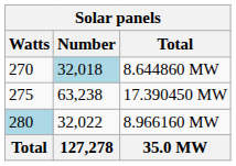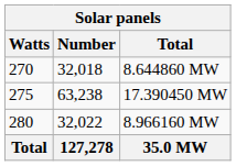 <table class=wikitable>
 <tr>
 <th colspan=3>Solar panels</th>
 </tr>
 <tr>
 <th>Watts</th>
 <th>Number</th>
 <th>Total</th>
 </tr>
 <tr>
 <td>270</td>
-<td style="background: lightblue;">32,018</td>
+<td>32,018</td>
 <td>8.644860 MW</td>
 </tr>
 <tr>
 <td>275</td>
 <td>63,238</td>
 <td>17.390450 MW</td>
 </tr>
 <tr>
-<td style="background: lightblue;">280</td>
+<td>280</td>
 <td>32,022</td>
 <td>8.966160 MW</td>
 </tr>
 <tr>
 <th>Total</th>
 <th>127,278</th>
 <th>35.0 MW</th>
 </tr>
 </table>
